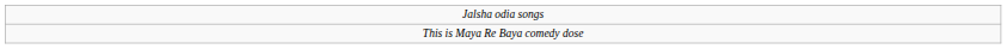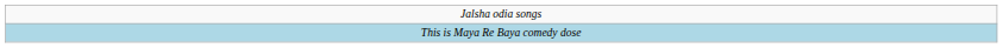 <table class="wikitable sortable" style="border-collapse:collapse; font-size: 90%; text-align:center" width="100%">
 <tr>
 <td><em>Jalsha odia songs</em></td>
 </tr>
 <tr>
-<td><em>This is Maya Re Baya comedy dose</em></td>
+<td style="background: lightblue;"><em>This is Maya Re Baya comedy dose</em></td>
 </tr>
 </table>
